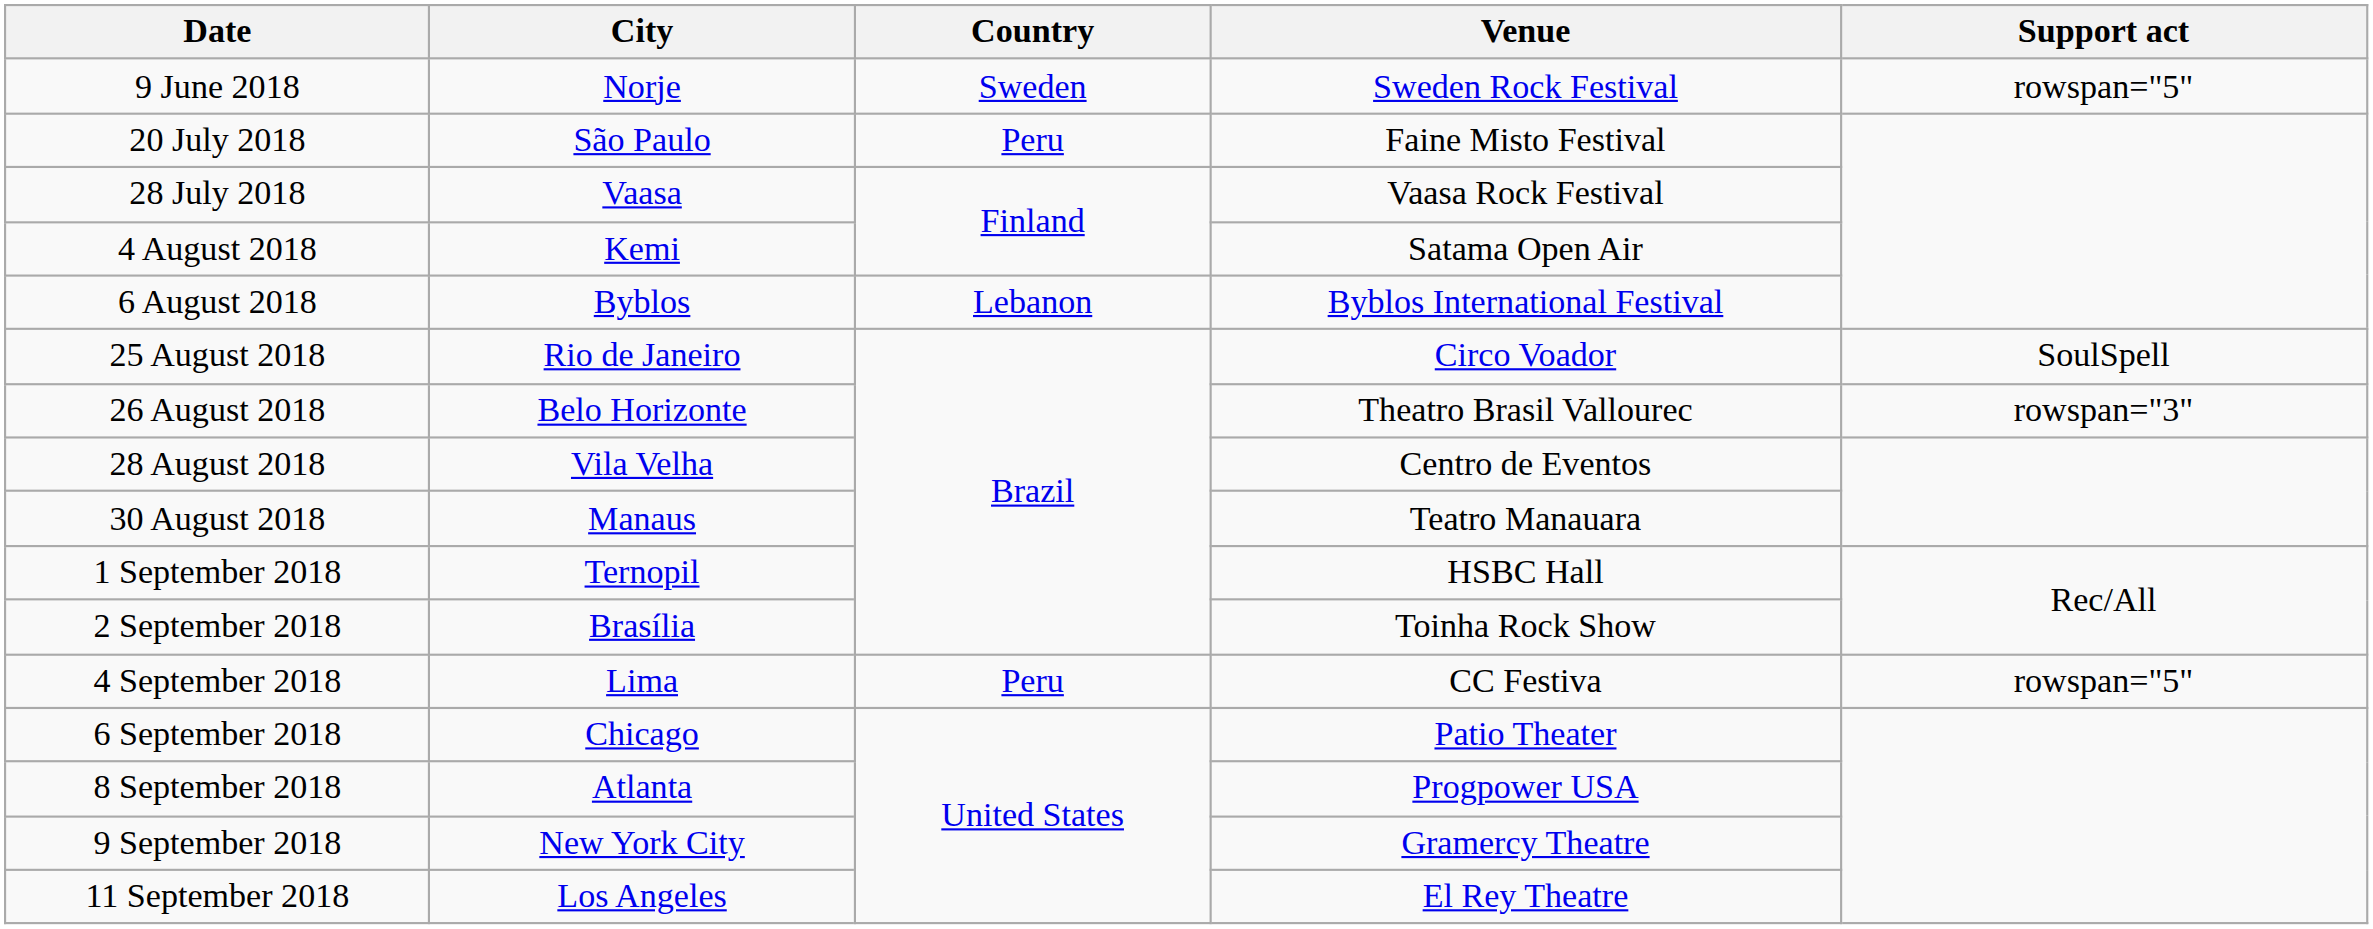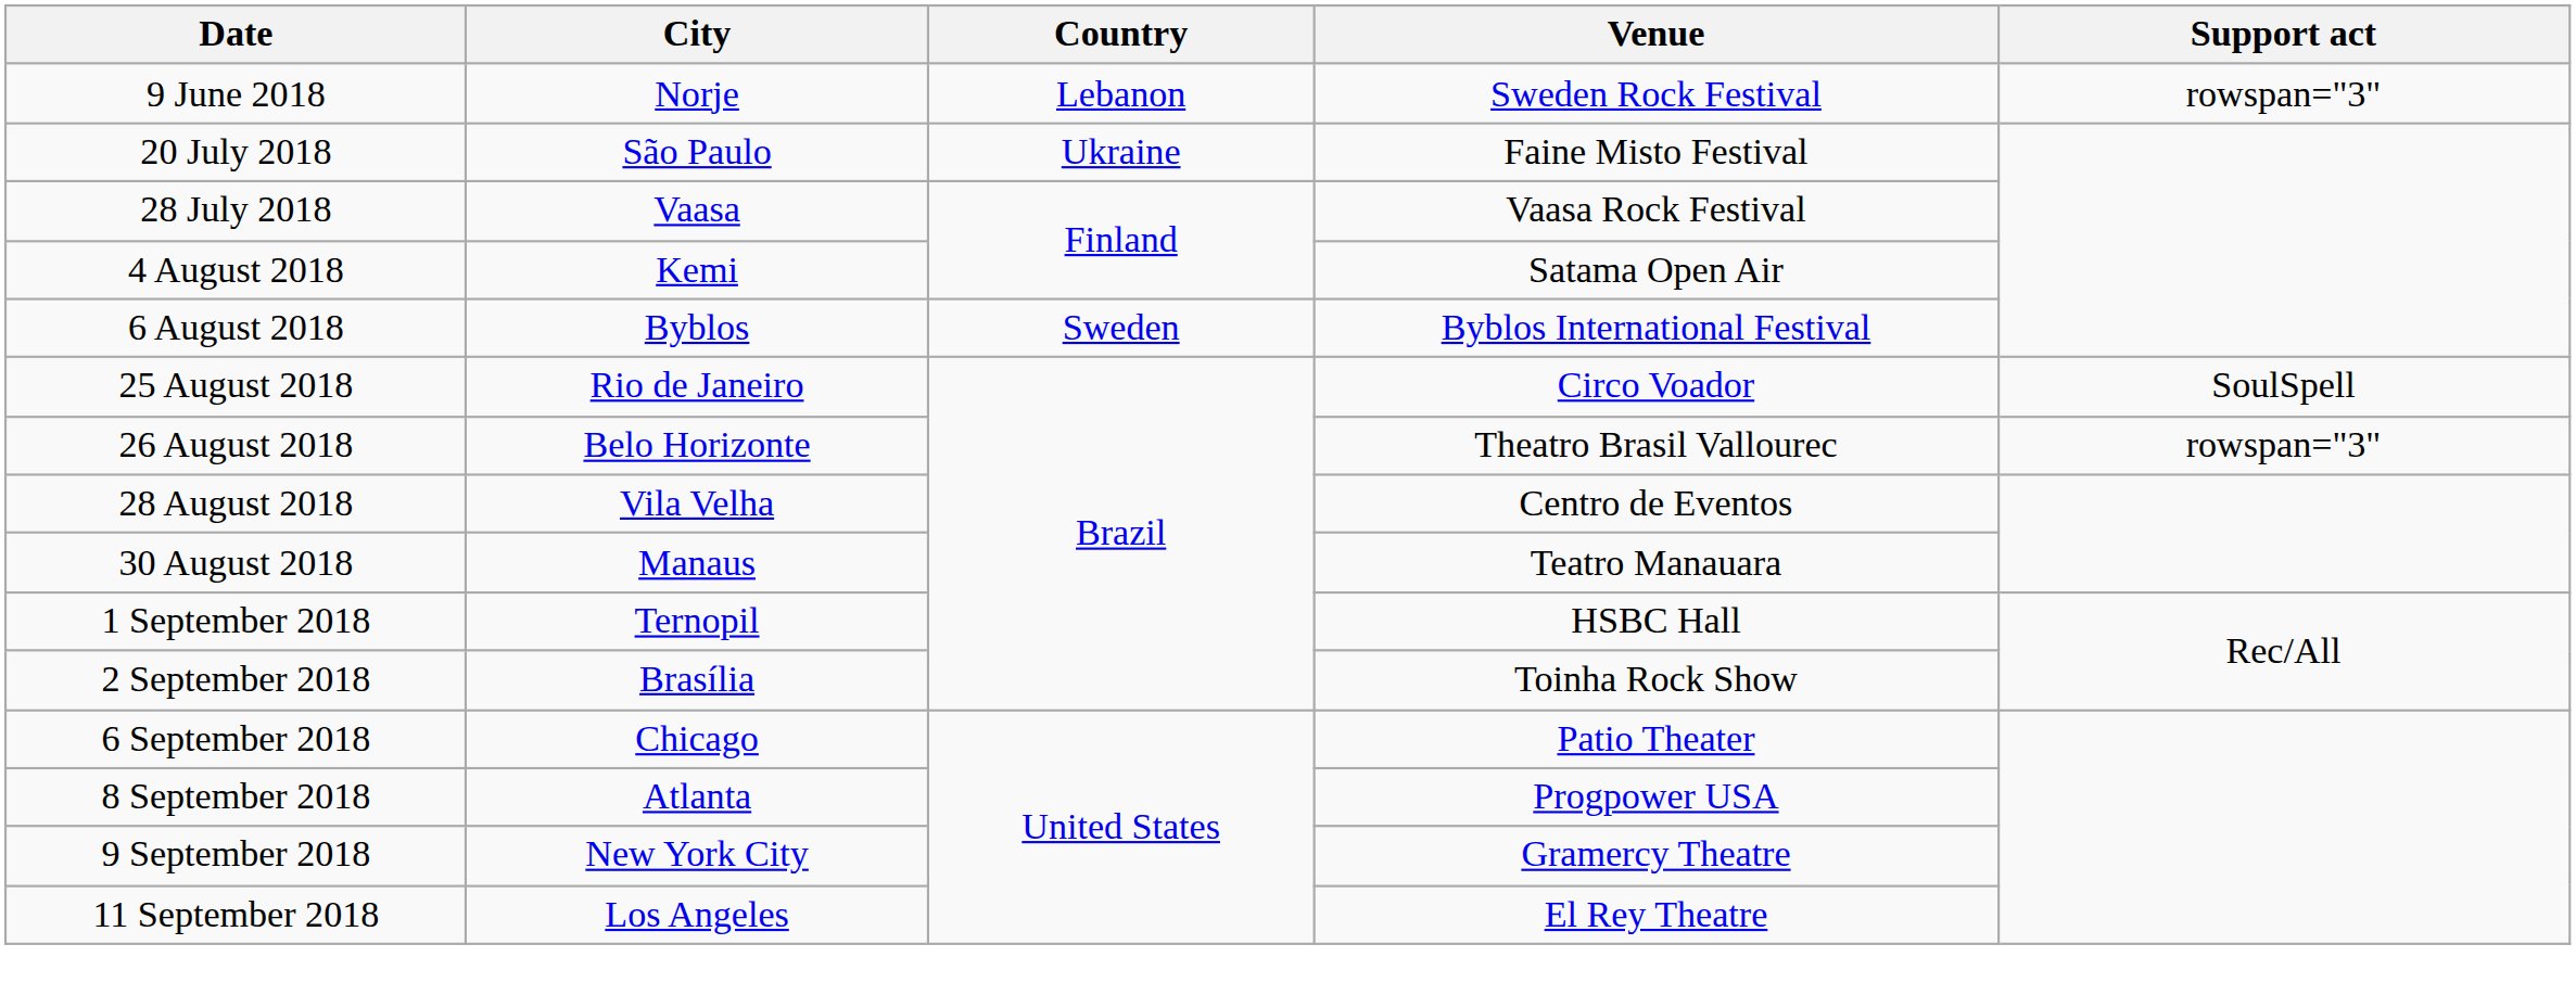 <table class="wikitable plainrowheaders" style="text-align:center;">
 <tr>
 <th scope="col" style="width:12em;">Date</th>
 <th scope="col" style="width:12em;">City</th>
 <th scope="col" style="width:10em;">Country</th>
 <th scope="col" style="width:18em;">Venue</th>
 <th scope="col" style="width:15em;">Support act</th>
 </tr>
 <tr>
 <td style="text-align:center">9 June 2018</td>
 <td style="text-align:center"><a href='#'>Norje</a></td>
-<td style="text-align:center"><a href='#'>Sweden</a></td>
+<td style="text-align:center"><a href='#'>Lebanon</a></td>
 <td style="text-align:center"><a href='#'>Sweden Rock Festival</a></td>
-<td>rowspan="5" </td>
+<td>rowspan="3" </td>
 </tr>
 <tr>
 <td style="text-align:center">20 July 2018</td>
 <td style="text-align:center"><a href='#'>São Paulo</a></td>
-<td style="text-align:center"><a href='#'>Peru</a></td>
+<td style="text-align:center"><a href='#'>Ukraine</a></td>
 <td style="text-align:center">Faine Misto Festival</td>
 </tr>
 <tr>
 <td style="text-align:center">28 July 2018</td>
 <td style="text-align:center"><a href='#'>Vaasa</a></td>
 <td style="text-align:center" rowspan="2"><a href='#'>Finland</a></td>
 <td style="text-align:center">Vaasa Rock Festival</td>
 </tr>
 <tr>
 <td style="text-align:center">4 August 2018</td>
 <td style="text-align:center"><a href='#'>Kemi</a></td>
 <td style="text-align:center">Satama Open Air</td>
 </tr>
 <tr>
 <td style="text-align:center">6 August 2018</td>
 <td style="text-align:center"><a href='#'>Byblos</a></td>
-<td style="text-align:center"><a href='#'>Lebanon</a></td>
+<td style="text-align:center"><a href='#'>Sweden</a></td>
 <td style="text-align:center"><a href='#'>Byblos International Festival</a></td>
 </tr>
 <tr>
 <td style="text-align:center">25 August 2018</td>
 <td style="text-align:center"><a href='#'>Rio de Janeiro</a></td>
 <td style="text-align:center" rowspan="6"><a href='#'>Brazil</a></td>
 <td style="text-align:center"><a href='#'>Circo Voador</a></td>
 <td style="text-align:center">SoulSpell</td>
 </tr>
 <tr>
 <td style="text-align:center">26 August 2018</td>
 <td style="text-align:center"><a href='#'>Belo Horizonte</a></td>
 <td style="text-align:center">Theatro Brasil Vallourec</td>
 <td>rowspan="3" </td>
 </tr>
 <tr>
 <td style="text-align:center">28 August 2018</td>
 <td style="text-align:center"><a href='#'>Vila Velha</a></td>
 <td style="text-align:center">Centro de Eventos</td>
 </tr>
 <tr>
 <td style="text-align:center">30 August 2018</td>
 <td style="text-align:center"><a href='#'>Manaus</a></td>
 <td style="text-align:center">Teatro Manauara</td>
 </tr>
 <tr>
 <td style="text-align:center">1 September 2018</td>
 <td style="text-align:center"><a href='#'>Ternopil</a></td>
 <td style="text-align:center">HSBC Hall</td>
 <td style="text-align:center" rowspan="2">Rec/All<br></td>
 </tr>
 <tr>
 <td style="text-align:center">2 September 2018</td>
 <td style="text-align:center"><a href='#'>Brasília</a></td>
 <td style="text-align:center">Toinha Rock Show</td>
 </tr>
 <tr>
-<td style="text-align:center">4 September 2018</td>
-<td style="text-align:center"><a href='#'>Lima</a></td>
-<td style="text-align:center"><a href='#'>Peru</a></td>
-<td style="text-align:center">CC Festiva</td>
-<td>rowspan="5" </td>
-</tr>
-<tr>
 <td style="text-align:center">6 September 2018</td>
 <td style="text-align:center"><a href='#'>Chicago</a></td>
 <td style="text-align:center" rowspan="4"><a href='#'>United States</a></td>
 <td style="text-align:center"><a href='#'>Patio Theater</a></td>
 </tr>
 <tr>
 <td style="text-align:center">8 September 2018</td>
 <td style="text-align:center"><a href='#'>Atlanta</a></td>
 <td style="text-align:center"><a href='#'>Progpower USA</a></td>
 </tr>
 <tr>
 <td style="text-align:center">9 September 2018</td>
 <td style="text-align:center"><a href='#'>New York City</a></td>
 <td style="text-align:center"><a href='#'>Gramercy Theatre</a></td>
 </tr>
 <tr>
 <td style="text-align:center">11 September 2018</td>
 <td style="text-align:center"><a href='#'>Los Angeles</a></td>
 <td style="text-align:center"><a href='#'>El Rey Theatre</a></td>
 </tr>
 </table>
